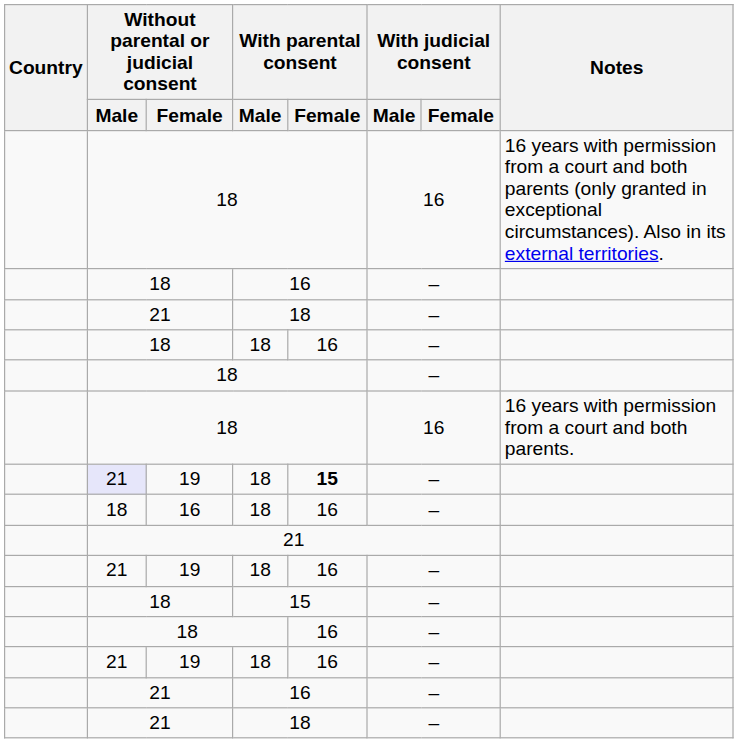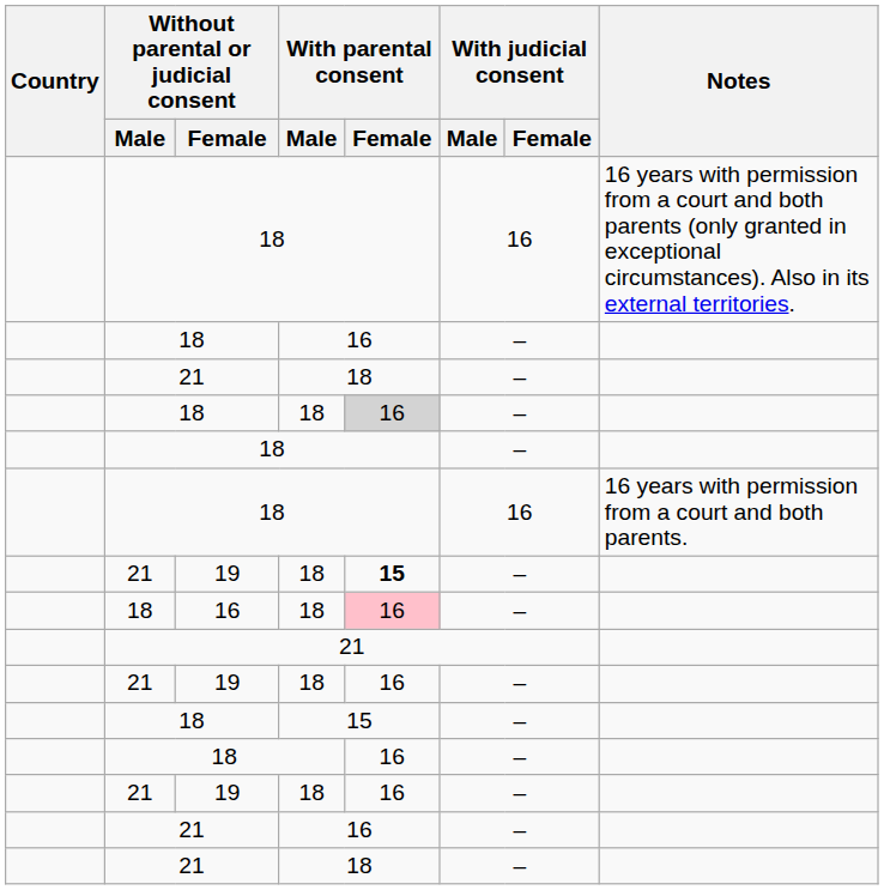 <table class="wikitable sortable">
 <tr>
 <th rowspan=2>Country</th>
 <th colspan=2>Without parental or judicial consent</th>
 <th colspan=2>With parental consent</th>
 <th colspan=2>With judicial consent</th>
 <th rowspan=2>Notes</th>
 </tr>
 <tr>
 <th>Male</th>
 <th>Female</th>
 <th>Male</th>
 <th>Female</th>
 <th>Male</th>
 <th>Female</th>
 </tr>
 <tr>
 <td></td>
 <td colspan=4 style="text-align:center;">18</td>
 <td colspan=2 style="text-align:center;">16</td>
 <td>16 years with permission from a court and both parents (only granted in exceptional circumstances). Also in its <a href='#'>external territories</a>.</td>
 </tr>
 <tr>
 <td></td>
 <td colspan=2 style="text-align:center;">18</td>
 <td colspan=2 style="text-align:center;">16</td>
 <td colspan=2 style="text-align:center;">–</td>
 <td></td>
 </tr>
 <tr>
 <td></td>
 <td colspan=2 style="text-align:center;">21</td>
 <td colspan=2 style="text-align:center;">18</td>
 <td colspan=2 style="text-align:center;">–</td>
 <td></td>
 </tr>
 <tr>
 <td></td>
 <td colspan="2" align="center">18</td>
 <td style="text-align:center;">18</td>
-<td style="text-align:center;">16</td>
+<td style="background: lightgrey; text-align:center;">16</td>
 <td colspan=2 style="text-align:center;">–</td>
 <td></td>
 </tr>
 <tr>
 <td></td>
 <td colspan="4" align="center">18</td>
 <td colspan="2" style="text-align:center;">–</td>
 <td></td>
 </tr>
 <tr>
 <td></td>
 <td colspan=4 style="text-align:center;">18</td>
 <td colspan=2 style="text-align:center;">16</td>
 <td>16 years with permission from a court and both parents.</td>
 </tr>
 <tr>
 <td></td>
-<td align=center style="background: lavender;">21</td>
+<td align=center>21</td>
 <td align=center>19</td>
 <td style="text-align:center;">18</td>
 <td 1 style="text-align:center;"><strong>15</strong></td>
 <td colspan="2" style="text-align:center;">–</td>
 <td></td>
 </tr>
 <tr>
 <td></td>
 <td align=center>18</td>
 <td align=center>16</td>
 <td style="text-align:center;">18</td>
-<td style="text-align:center;">16</td>
+<td style="background: pink; text-align:center;">16</td>
 <td colspan=2 style="text-align:center;">–</td>
 <td></td>
 </tr>
 <tr>
 <td></td>
 <td colspan=6 style="text-align:center;">21</td>
 <td></td>
 </tr>
 <tr>
 <td></td>
 <td align=center>21</td>
 <td align=center>19</td>
 <td style="text-align:center;">18</td>
 <td 1 style="text-align:center;">16</td>
 <td colspan="2" style="text-align:center;">–</td>
 <td></td>
 </tr>
 <tr>
 <td></td>
 <td colspan=2 style="text-align:center;">18</td>
 <td colspan=2 style="text-align:center;">15</td>
 <td colspan=2 style="text-align:center;">–</td>
 <td></td>
 </tr>
 <tr>
 <td></td>
 <td colspan=3 style="text-align:center;">18</td>
 <td style="text-align:center;">16</td>
 <td colspan=2 style="text-align:center;">–</td>
 <td></td>
 </tr>
 <tr>
 <td></td>
 <td align=center>21</td>
 <td align=center>19</td>
 <td style="text-align:center;">18</td>
 <td style="text-align:center;">16</td>
 <td colspan=2 style="text-align:center;">–</td>
 <td></td>
 </tr>
 <tr>
 <td></td>
 <td colspan=2 style="text-align:center;">21</td>
 <td colspan=2 style="text-align:center;">16</td>
 <td colspan=2 style="text-align:center;">–</td>
 <td></td>
 </tr>
 <tr>
 <td></td>
 <td colspan=2 style="text-align:center;">21</td>
 <td colspan=2 style="text-align:center;">18</td>
 <td colspan=2 style="text-align:center;">–</td>
 <td></td>
 </tr>
 </table>
